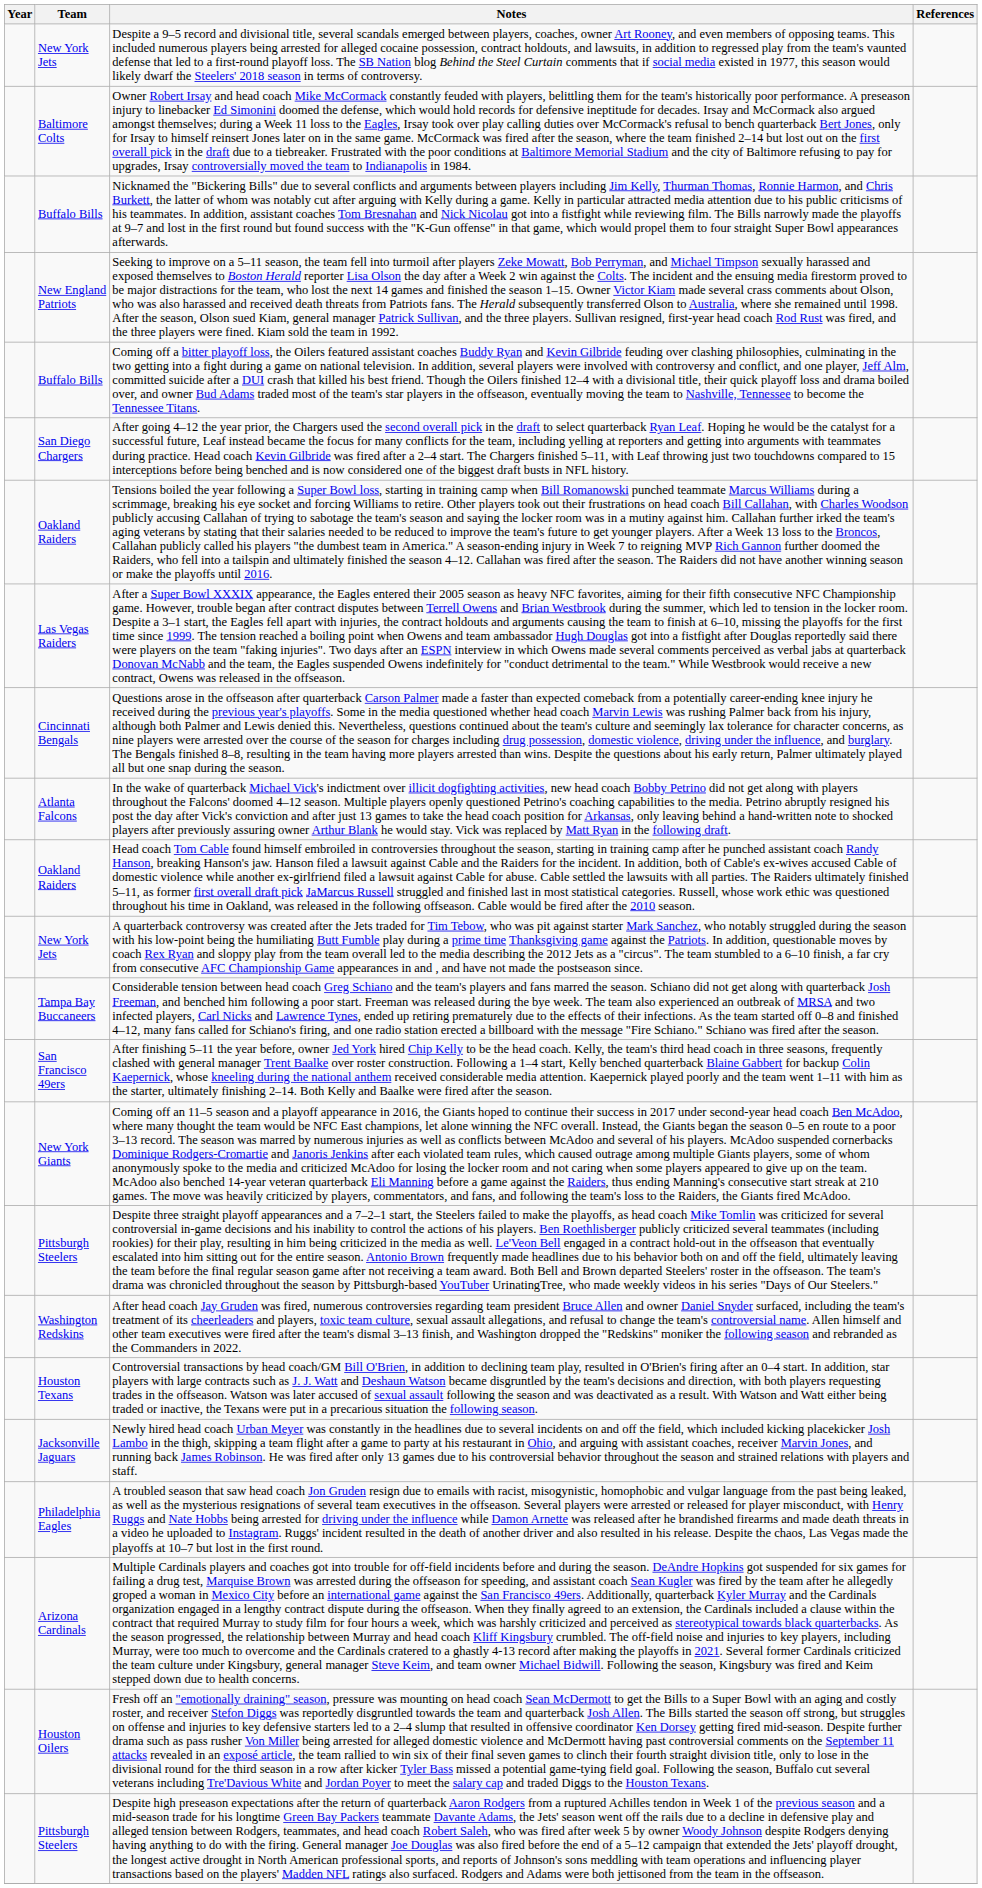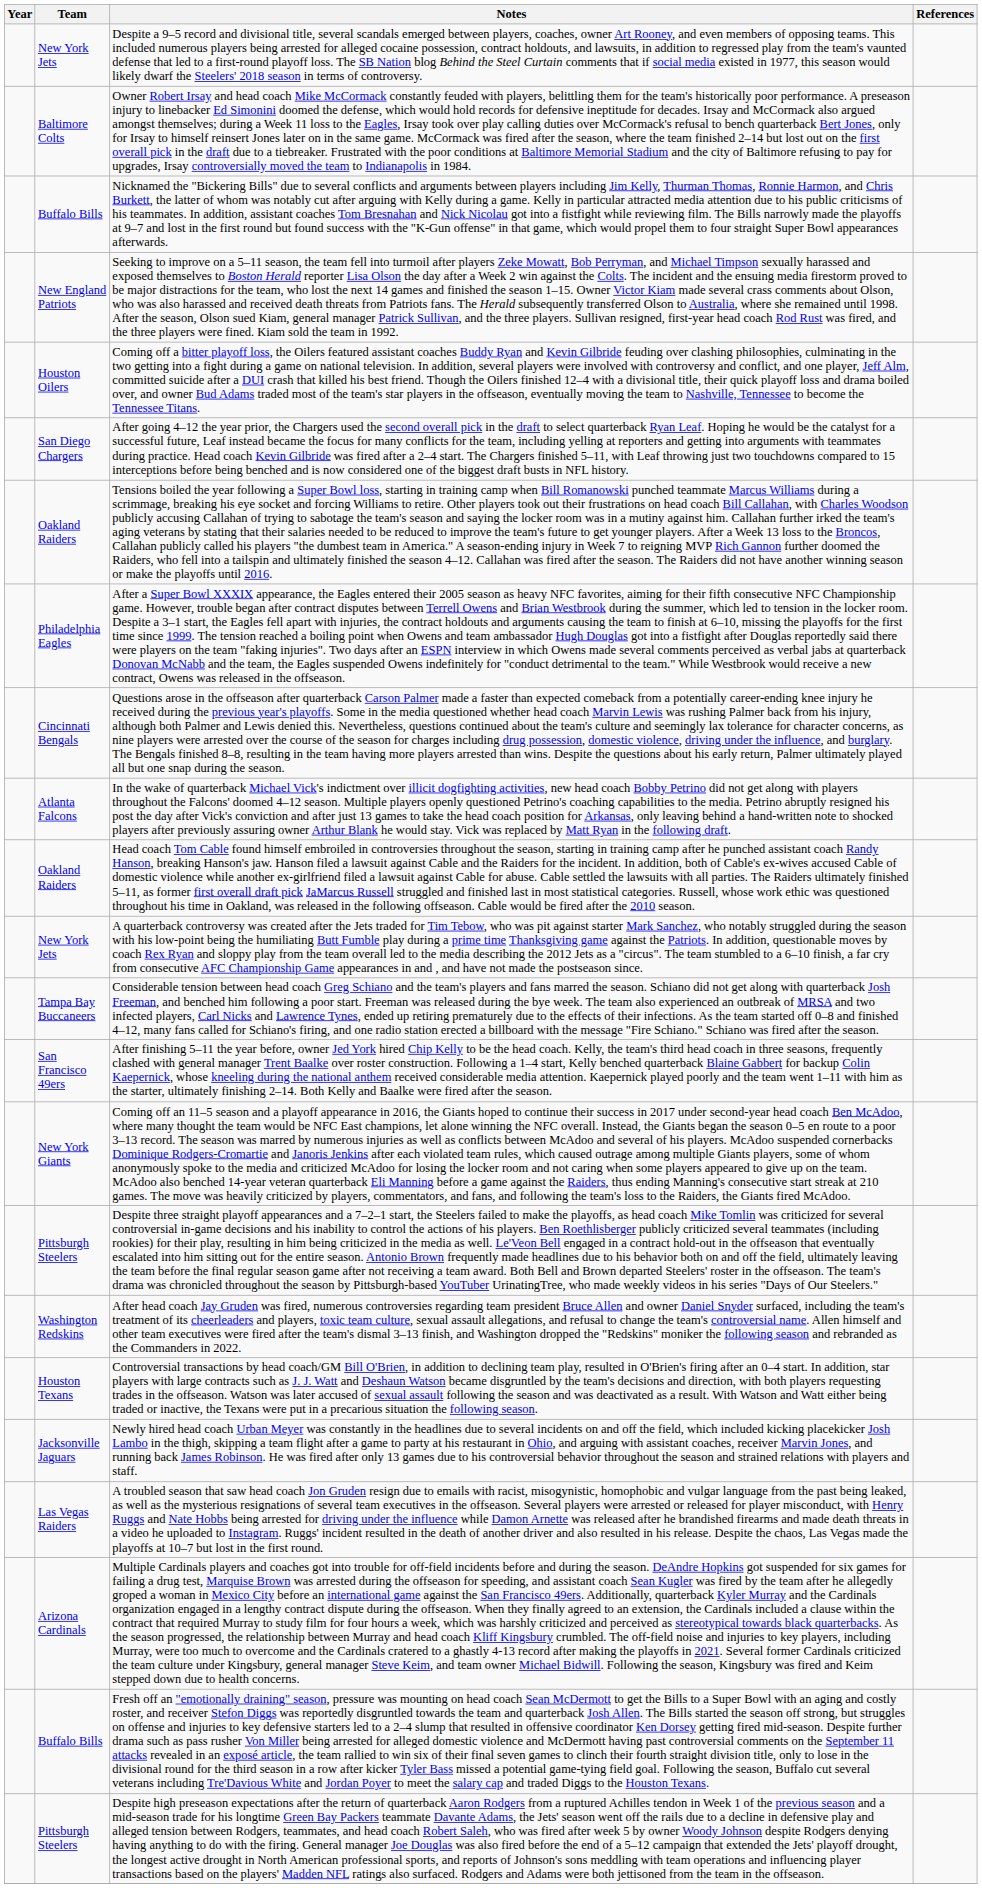 <table class="wikitable sortable">
 <tr>
 <th>Year</th>
 <th>Team</th>
 <th class="unsortable">Notes</th>
 <th class="unsortable">References</th>
 </tr>
 <tr>
 <td></td>
 <td><a href='#'>New York Jets</a></td>
 <td>Despite a 9–5 record and divisional title, several scandals emerged between players, coaches, owner <a href='#'>Art Rooney</a>, and even members of opposing teams. This included numerous players being arrested for alleged cocaine possession, contract holdouts, and lawsuits, in addition to regressed play from the team's vaunted defense that led to a first-round playoff loss. The <a href='#'>SB Nation</a> blog <em>Behind the Steel Curtain</em> comments that if <a href='#'>social media</a> existed in 1977, this season would likely dwarf the <a href='#'>Steelers' 2018 season</a> in terms of controversy.</td>
 <td></td>
 </tr>
 <tr>
 <td></td>
 <td><a href='#'>Baltimore Colts</a></td>
 <td>Owner <a href='#'>Robert Irsay</a> and head coach <a href='#'>Mike McCormack</a> constantly feuded with players, belittling them for the team's historically poor performance. A preseason injury to linebacker <a href='#'>Ed Simonini</a> doomed the defense, which would hold records for defensive ineptitude for decades. Irsay and McCormack also argued amongst themselves; during a Week 11 loss to the <a href='#'>Eagles</a>, Irsay took over play calling duties over McCormack's refusal to bench quarterback <a href='#'>Bert Jones</a>, only for Irsay to himself reinsert Jones later on in the same game. McCormack was fired after the season, where the team finished 2–14 but lost out on the <a href='#'>first overall pick</a> in the <a href='#'>draft</a> due to a tiebreaker. Frustrated with the poor conditions at <a href='#'>Baltimore Memorial Stadium</a> and the city of Baltimore refusing to pay for upgrades, Irsay <a href='#'>controversially moved the team</a> to <a href='#'>Indianapolis</a> in 1984.</td>
 <td></td>
 </tr>
 <tr>
 <td></td>
 <td><a href='#'>Buffalo Bills</a></td>
 <td>Nicknamed the "Bickering Bills" due to several conflicts and arguments between players including <a href='#'>Jim Kelly</a>, <a href='#'>Thurman Thomas</a>, <a href='#'>Ronnie Harmon</a>, and <a href='#'>Chris Burkett</a>, the latter of whom was notably cut after arguing with Kelly during a game. Kelly in particular attracted media attention due to his public criticisms of his teammates. In addition, assistant coaches <a href='#'>Tom Bresnahan</a> and <a href='#'>Nick Nicolau</a> got into a fistfight while reviewing film. The Bills narrowly made the playoffs at 9–7 and lost in the first round but found success with the "K-Gun offense" in that game, which would propel them to four straight Super Bowl appearances afterwards.</td>
 <td></td>
 </tr>
 <tr>
 <td></td>
 <td><a href='#'>New England Patriots</a></td>
 <td>Seeking to improve on a 5–11 season, the team fell into turmoil after players <a href='#'>Zeke Mowatt</a>, <a href='#'>Bob Perryman</a>, and <a href='#'>Michael Timpson</a> sexually harassed and exposed themselves to <em><a href='#'>Boston Herald</a></em> reporter <a href='#'>Lisa Olson</a> the day after a Week 2 win against the <a href='#'>Colts</a>. The incident and the ensuing media firestorm proved to be major distractions for the team, who lost the next 14 games and finished the season 1–15. Owner <a href='#'>Victor Kiam</a> made several crass comments about Olson, who was also harassed and received death threats from Patriots fans. The <em>Herald</em> subsequently transferred Olson to <a href='#'>Australia</a>, where she remained until 1998. After the season, Olson sued Kiam, general manager <a href='#'>Patrick Sullivan</a>, and the three players. Sullivan resigned, first-year head coach <a href='#'>Rod Rust</a> was fired, and the three players were fined. Kiam sold the team in 1992.</td>
 <td></td>
 </tr>
 <tr>
 <td></td>
-<td><a href='#'>Buffalo Bills</a></td>
+<td><a href='#'>Houston Oilers</a></td>
 <td>Coming off a <a href='#'>bitter playoff loss</a>, the Oilers featured assistant coaches <a href='#'>Buddy Ryan</a> and <a href='#'>Kevin Gilbride</a> feuding over clashing philosophies, culminating in the two getting into a fight during a game on national television. In addition, several players were involved with controversy and conflict, and one player, <a href='#'>Jeff Alm</a>, committed suicide after a <a href='#'>DUI</a> crash that killed his best friend. Though the Oilers finished 12–4 with a divisional title, their quick playoff loss and drama boiled over, and owner <a href='#'>Bud Adams</a> traded most of the team's star players in the offseason, eventually moving the team to <a href='#'>Nashville, Tennessee</a> to become the <a href='#'>Tennessee Titans</a>.</td>
 <td></td>
 </tr>
 <tr>
 <td></td>
 <td><a href='#'>San Diego Chargers</a></td>
 <td>After going 4–12 the year prior, the Chargers used the <a href='#'>second overall pick</a> in the <a href='#'>draft</a> to select quarterback <a href='#'>Ryan Leaf</a>. Hoping he would be the catalyst for a successful future, Leaf instead became the focus for many conflicts for the team, including yelling at reporters and getting into arguments with teammates during practice. Head coach <a href='#'>Kevin Gilbride</a> was fired after a 2–4 start. The Chargers finished 5–11, with Leaf throwing just two touchdowns compared to 15 interceptions before being benched and is now considered one of the biggest draft busts in NFL history.</td>
 <td></td>
 </tr>
 <tr>
 <td></td>
 <td><a href='#'>Oakland Raiders</a></td>
 <td>Tensions boiled the year following a <a href='#'>Super Bowl loss</a>, starting in training camp when <a href='#'>Bill Romanowski</a> punched teammate <a href='#'>Marcus Williams</a> during a scrimmage, breaking his eye socket and forcing Williams to retire. Other players took out their frustrations on head coach <a href='#'>Bill Callahan</a>, with <a href='#'>Charles Woodson</a> publicly accusing Callahan of trying to sabotage the team's season and saying the locker room was in a mutiny against him. Callahan further irked the team's aging veterans by stating that their salaries needed to be reduced to improve the team's future to get younger players. After a Week 13 loss to the <a href='#'>Broncos</a>, Callahan publicly called his players "the dumbest team in America." A season-ending injury in Week 7 to reigning MVP <a href='#'>Rich Gannon</a> further doomed the Raiders, who fell into a tailspin and ultimately finished the season 4–12. Callahan was fired after the season. The Raiders did not have another winning season or make the playoffs until <a href='#'>2016</a>.</td>
 <td></td>
 </tr>
 <tr>
 <td></td>
-<td><a href='#'>Las Vegas Raiders</a></td>
+<td><a href='#'>Philadelphia Eagles</a></td>
 <td>After a <a href='#'>Super Bowl XXXIX</a> appearance, the Eagles entered their 2005 season as heavy NFC favorites, aiming for their fifth consecutive NFC Championship game. However, trouble began after contract disputes between <a href='#'>Terrell Owens</a> and <a href='#'>Brian Westbrook</a> during the summer, which led to tension in the locker room. Despite a 3–1 start, the Eagles fell apart with injuries, the contract holdouts and arguments causing the team to finish at 6–10, missing the playoffs for the first time since <a href='#'>1999</a>. The tension reached a boiling point when Owens and team ambassador <a href='#'>Hugh Douglas</a> got into a fistfight after Douglas reportedly said there were players on the team "faking injuries". Two days after an <a href='#'>ESPN</a> interview in which Owens made several comments perceived as verbal jabs at quarterback <a href='#'>Donovan McNabb</a> and the team, the Eagles suspended Owens indefinitely for "conduct detrimental to the team." While Westbrook would receive a new contract, Owens was released in the offseason.</td>
 <td></td>
 </tr>
 <tr>
 <td></td>
 <td><a href='#'>Cincinnati Bengals</a></td>
 <td>Questions arose in the offseason after quarterback <a href='#'>Carson Palmer</a> made a faster than expected comeback from a potentially career-ending knee injury he received during the <a href='#'>previous year's playoffs</a>. Some in the media questioned whether head coach <a href='#'>Marvin Lewis</a> was rushing Palmer back from his injury, although both Palmer and Lewis denied this. Nevertheless, questions continued about the team's culture and seemingly lax tolerance for character concerns, as nine players were arrested over the course of the season for charges including <a href='#'>drug possession</a>, <a href='#'>domestic violence</a>, <a href='#'>driving under the influence</a>, and <a href='#'>burglary</a>. The Bengals finished 8–8, resulting in the team having more players arrested than wins. Despite the questions about his early return, Palmer ultimately played all but one snap during the season.</td>
 <td></td>
 </tr>
 <tr>
 <td></td>
 <td><a href='#'>Atlanta Falcons</a></td>
 <td>In the wake of quarterback <a href='#'>Michael Vick</a>'s indictment over <a href='#'>illicit dogfighting activities</a>, new head coach <a href='#'>Bobby Petrino</a> did not get along with players throughout the Falcons' doomed 4–12 season. Multiple players openly questioned Petrino's coaching capabilities to the media. Petrino abruptly resigned his post the day after Vick's conviction and after just 13 games to take the head coach position for <a href='#'>Arkansas</a>, only leaving behind a hand-written note to shocked players after previously assuring owner <a href='#'>Arthur Blank</a> he would stay. Vick was replaced by <a href='#'>Matt Ryan</a> in the <a href='#'>following draft</a>.</td>
 <td></td>
 </tr>
 <tr>
 <td></td>
 <td><a href='#'>Oakland Raiders</a></td>
 <td>Head coach <a href='#'>Tom Cable</a> found himself embroiled in controversies throughout the season, starting in training camp after he punched assistant coach <a href='#'>Randy Hanson</a>, breaking Hanson's jaw. Hanson filed a lawsuit against Cable and the Raiders for the incident. In addition, both of Cable's ex-wives accused Cable of domestic violence while another ex-girlfriend filed a lawsuit against Cable for abuse. Cable settled the lawsuits with all parties. The Raiders ultimately finished 5–11, as former <a href='#'>first overall draft pick</a> <a href='#'>JaMarcus Russell</a> struggled and finished last in most statistical categories. Russell, whose work ethic was questioned throughout his time in Oakland, was released in the following offseason. Cable would be fired after the <a href='#'>2010</a> season.</td>
 <td></td>
 </tr>
 <tr>
 <td></td>
 <td><a href='#'>New York Jets</a></td>
 <td>A quarterback controversy was created after the Jets traded for <a href='#'>Tim Tebow</a>, who was pit against starter <a href='#'>Mark Sanchez</a>, who notably struggled during the season with his low-point being the humiliating <a href='#'>Butt Fumble</a> play during a <a href='#'>prime time</a> <a href='#'>Thanksgiving game</a> against the <a href='#'>Patriots</a>. In addition, questionable moves by coach <a href='#'>Rex Ryan</a> and sloppy play from the team overall led to the media describing the 2012 Jets as a "circus". The team stumbled to a 6–10 finish, a far cry from consecutive <a href='#'>AFC Championship Game</a> appearances in  and , and have not made the postseason since.</td>
 <td></td>
 </tr>
 <tr>
 <td></td>
 <td><a href='#'>Tampa Bay Buccaneers</a></td>
 <td>Considerable tension between head coach <a href='#'>Greg Schiano</a> and the team's players and fans marred the season. Schiano did not get along with quarterback <a href='#'>Josh Freeman</a>, and benched him following a poor start. Freeman was released during the bye week. The team also experienced an outbreak of <a href='#'>MRSA</a> and two infected players, <a href='#'>Carl Nicks</a> and <a href='#'>Lawrence Tynes</a>, ended up retiring prematurely due to the effects of their infections. As the team started off 0–8 and finished 4–12, many fans called for Schiano's firing, and one radio station erected a billboard with the message "Fire Schiano." Schiano was fired after the season.</td>
 <td></td>
 </tr>
 <tr>
 <td></td>
 <td><a href='#'>San Francisco 49ers</a></td>
 <td>After finishing 5–11 the year before, owner <a href='#'>Jed York</a> hired <a href='#'>Chip Kelly</a> to be the head coach. Kelly, the team's third head coach in three seasons, frequently clashed with general manager <a href='#'>Trent Baalke</a> over roster construction. Following a 1–4 start, Kelly benched quarterback <a href='#'>Blaine Gabbert</a> for backup <a href='#'>Colin Kaepernick</a>, whose <a href='#'>kneeling during the national anthem</a> received considerable media attention. Kaepernick played poorly and the team went 1–11 with him as the starter, ultimately finishing 2–14. Both Kelly and Baalke were fired after the season.</td>
 <td></td>
 </tr>
 <tr>
 <td></td>
 <td><a href='#'>New York Giants</a></td>
 <td>Coming off an 11–5 season and a playoff appearance in 2016, the Giants hoped to continue their success in 2017 under second-year head coach <a href='#'>Ben McAdoo</a>, where many thought the team would be NFC East champions, let alone winning the NFC overall. Instead, the Giants began the season 0–5 en route to a poor 3–13 record. The season was marred by numerous injuries as well as conflicts between McAdoo and several of his players. McAdoo suspended cornerbacks <a href='#'>Dominique Rodgers-Cromartie</a> and <a href='#'>Janoris Jenkins</a> after each violated team rules, which caused outrage among multiple Giants players, some of whom anonymously spoke to the media and criticized McAdoo for losing the locker room and not caring when some players appeared to give up on the team. McAdoo also benched 14-year veteran quarterback <a href='#'>Eli Manning</a> before a game against the <a href='#'>Raiders</a>, thus ending Manning's consecutive start streak at 210 games. The move was heavily criticized by players, commentators, and fans, and following the team's loss to the Raiders, the Giants fired McAdoo.</td>
 <td></td>
 </tr>
 <tr>
 <td></td>
 <td><a href='#'>Pittsburgh Steelers</a></td>
 <td>Despite three straight playoff appearances and a 7–2–1 start, the Steelers failed to make the playoffs, as head coach <a href='#'>Mike Tomlin</a> was criticized for several controversial in-game decisions and his inability to control the actions of his players. <a href='#'>Ben Roethlisberger</a> publicly criticized several teammates (including rookies) for their play, resulting in him being criticized in the media as well. <a href='#'>Le'Veon Bell</a> engaged in a contract hold-out in the offseason that eventually escalated into him sitting out for the entire season. <a href='#'>Antonio Brown</a> frequently made headlines due to his behavior both on and off the field, ultimately leaving the team before the final regular season game after not receiving a team award. Both Bell and Brown departed Steelers' roster in the offseason. The team's drama was chronicled throughout the season by Pittsburgh-based <a href='#'>YouTuber</a> UrinatingTree, who made weekly videos in his series "Days of Our Steelers."</td>
 <td></td>
 </tr>
 <tr>
 <td></td>
 <td><a href='#'>Washington Redskins</a></td>
 <td>After head coach <a href='#'>Jay Gruden</a> was fired, numerous controversies regarding team president <a href='#'>Bruce Allen</a> and owner <a href='#'>Daniel Snyder</a> surfaced, including the team's treatment of its <a href='#'>cheerleaders</a> and players, <a href='#'>toxic team culture</a>, sexual assault allegations, and refusal to change the team's <a href='#'>controversial name</a>. Allen himself and other team executives were fired after the team's dismal 3–13 finish, and Washington dropped the "Redskins" moniker the <a href='#'>following season</a> and rebranded as the Commanders in 2022.</td>
 <td></td>
 </tr>
 <tr>
 <td></td>
 <td><a href='#'>Houston Texans</a></td>
 <td>Controversial transactions by head coach/GM <a href='#'>Bill O'Brien</a>, in addition to declining team play, resulted in O'Brien's firing after an 0–4 start. In addition, star players with large contracts such as <a href='#'>J. J. Watt</a> and <a href='#'>Deshaun Watson</a> became disgruntled by the team's decisions and direction, with both players requesting trades in the offseason. Watson was later accused of <a href='#'>sexual assault</a> following the season and was deactivated as a result. With Watson and Watt either being traded or inactive, the Texans were put in a precarious situation the <a href='#'>following season</a>.</td>
 <td></td>
 </tr>
 <tr>
 <td></td>
 <td><a href='#'>Jacksonville Jaguars</a></td>
 <td>Newly hired head coach <a href='#'>Urban Meyer</a> was constantly in the headlines due to several incidents on and off the field, which included kicking placekicker <a href='#'>Josh Lambo</a> in the thigh, skipping a team flight after a game to party at his restaurant in <a href='#'>Ohio</a>, and arguing with assistant coaches, receiver <a href='#'>Marvin Jones</a>, and running back <a href='#'>James Robinson</a>. He was fired after only 13 games due to his controversial behavior throughout the season and strained relations with players and staff.</td>
 <td></td>
 </tr>
 <tr>
 <td></td>
-<td><a href='#'>Philadelphia Eagles</a></td>
+<td><a href='#'>Las Vegas Raiders</a></td>
 <td>A troubled season that saw head coach <a href='#'>Jon Gruden</a> resign due to emails with racist, misogynistic, homophobic and vulgar language from the past being leaked, as well as the mysterious resignations of several team executives in the offseason. Several players were arrested or released for player misconduct, with <a href='#'>Henry Ruggs</a> and <a href='#'>Nate Hobbs</a> being arrested for <a href='#'>driving under the influence</a> while <a href='#'>Damon Arnette</a> was released after he brandished firearms and made death threats in a video he uploaded to <a href='#'>Instagram</a>. Ruggs' incident resulted in the death of another driver and also resulted in his release. Despite the chaos, Las Vegas made the playoffs at 10–7 but lost in the first round.</td>
 <td></td>
 </tr>
 <tr>
 <td></td>
 <td><a href='#'>Arizona Cardinals</a></td>
 <td>Multiple Cardinals players and coaches got into trouble for off-field incidents before and during the season. <a href='#'>DeAndre Hopkins</a> got suspended for six games for failing a drug test, <a href='#'>Marquise Brown</a> was arrested during the offseason for speeding, and assistant coach <a href='#'>Sean Kugler</a> was fired by the team after he allegedly groped a woman in <a href='#'>Mexico City</a> before an <a href='#'>international game</a> against the <a href='#'>San Francisco 49ers</a>. Additionally, quarterback <a href='#'>Kyler Murray</a> and the Cardinals organization engaged in a lengthy contract dispute during the offseason. When they finally agreed to an extension, the Cardinals included a clause within the contract that required Murray to study film for four hours a week, which was harshly criticized and perceived as <a href='#'>stereotypical towards black quarterbacks</a>. As the season progressed, the relationship between Murray and head coach <a href='#'>Kliff Kingsbury</a> crumbled. The off-field noise and injuries to key players, including Murray, were too much to overcome and the Cardinals cratered to a ghastly 4-13 record after making the playoffs in <a href='#'>2021</a>. Several former Cardinals criticized the team culture under Kingsbury, general manager <a href='#'>Steve Keim</a>, and team owner <a href='#'>Michael Bidwill</a>. Following the season, Kingsbury was fired and Keim stepped down due to health concerns.</td>
 <td></td>
 </tr>
 <tr>
 <td></td>
-<td><a href='#'>Houston Oilers</a></td>
+<td><a href='#'>Buffalo Bills</a></td>
 <td>Fresh off an <a href='#'>"emotionally draining" season</a>, pressure was mounting on head coach <a href='#'>Sean McDermott</a> to get the Bills to a Super Bowl with an aging and costly roster, and receiver <a href='#'>Stefon Diggs</a> was reportedly disgruntled towards the team and quarterback <a href='#'>Josh Allen</a>. The Bills started the season off strong, but struggles on offense and injuries to key defensive starters led to a 2–4 slump that resulted in offensive coordinator <a href='#'>Ken Dorsey</a> getting fired mid-season. Despite further drama such as pass rusher <a href='#'>Von Miller</a> being arrested for alleged domestic violence and McDermott having past controversial comments on the <a href='#'>September 11 attacks</a> revealed in an <a href='#'>exposé article</a>, the team rallied to win six of their final seven games to clinch their fourth straight division title, only to lose in the divisional round for the third season in a row after kicker <a href='#'>Tyler Bass</a> missed a potential game-tying field goal. Following the season, Buffalo cut several veterans including <a href='#'>Tre'Davious White</a> and <a href='#'>Jordan Poyer</a> to meet the <a href='#'>salary cap</a> and traded Diggs to the <a href='#'>Houston Texans</a>.</td>
 <td></td>
 </tr>
 <tr>
 <td></td>
 <td><a href='#'>Pittsburgh Steelers</a></td>
 <td>Despite high preseason expectations after the return of quarterback <a href='#'>Aaron Rodgers</a> from a ruptured Achilles tendon in Week 1 of the <a href='#'>previous season</a> and a mid-season trade for his longtime <a href='#'>Green Bay Packers</a> teammate <a href='#'>Davante Adams</a>, the Jets' season went off the rails due to a decline in defensive play and alleged tension between Rodgers, teammates, and head coach <a href='#'>Robert Saleh</a>, who was fired after week 5 by owner <a href='#'>Woody Johnson</a> despite Rodgers denying having anything to do with the firing. General manager <a href='#'>Joe Douglas</a> was also fired before the end of a 5–12 campaign that extended the Jets' playoff drought, the longest active drought in North American professional sports, and reports of Johnson's sons meddling with team operations and influencing player transactions based on the players' <a href='#'>Madden NFL</a> ratings also surfaced. Rodgers and Adams were both jettisoned from the team in the offseason.</td>
 <td></td>
 </tr>
 <tr>
 </tr>
 </table>
